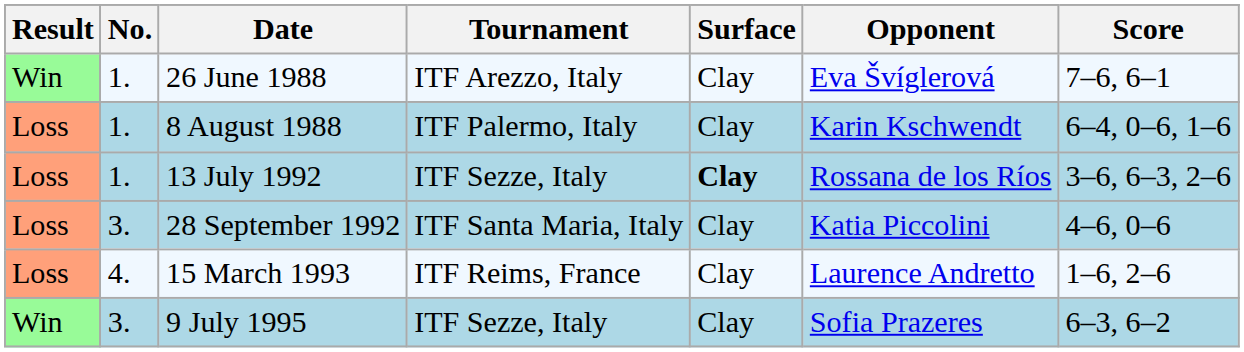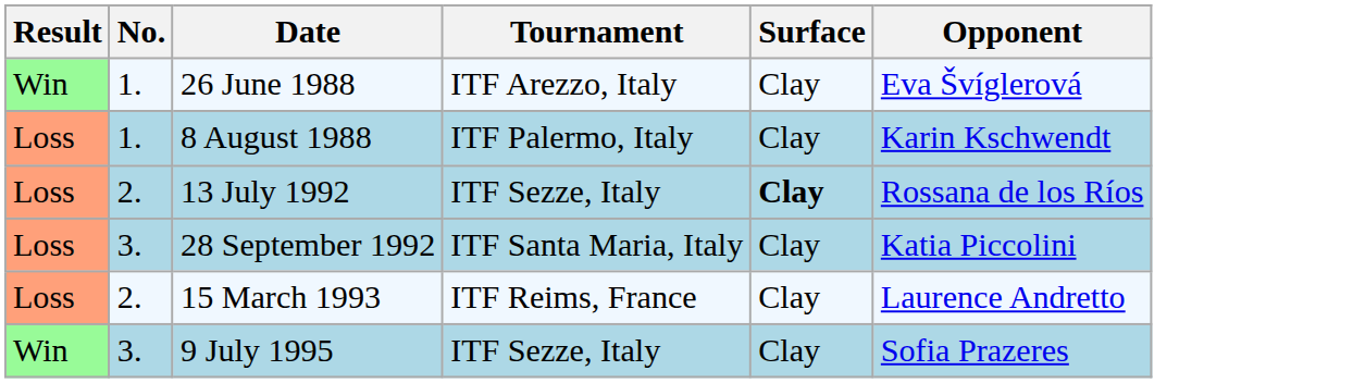 <table class="sortable wikitable" style="font-size:97%;">
 <tr>
 <th>Result</th>
 <th>No.</th>
 <th>Date</th>
 <th>Tournament</th>
 <th>Surface</th>
 <th>Opponent</th>
-<th class="unsortable">Score</th>
 </tr>
 <tr style="background:#f0f8ff;">
 <td style="background:#98fb98;">Win</td>
 <td>1.</td>
 <td>26 June 1988</td>
 <td>ITF Arezzo, Italy</td>
 <td>Clay</td>
 <td> <a href='#'>Eva Švíglerová</a></td>
-<td>7–6, 6–1</td>
 </tr>
 <tr style="background:lightblue;">
 <td style="background:#ffa07a;">Loss</td>
 <td>1.</td>
 <td>8 August 1988</td>
 <td>ITF Palermo, Italy</td>
 <td>Clay</td>
 <td> <a href='#'>Karin Kschwendt</a></td>
-<td>6–4, 0–6, 1–6</td>
 </tr>
 <tr style="background:lightblue;">
 <td style="background:#ffa07a;">Loss</td>
-<td>1.</td>
+<td>2.</td>
 <td>13 July 1992</td>
 <td>ITF Sezze, Italy</td>
 <td><strong>Clay</strong></td>
 <td> <a href='#'>Rossana de los Ríos</a></td>
-<td>3–6, 6–3, 2–6</td>
 </tr>
 <tr style="background:lightblue">
 <td style="background:#ffa07a;">Loss</td>
 <td>3.</td>
 <td>28 September 1992</td>
 <td>ITF Santa Maria, Italy</td>
 <td>Clay</td>
 <td> <a href='#'>Katia Piccolini</a></td>
-<td>4–6, 0–6</td>
 </tr>
 <tr style="background:#f0f8ff;">
 <td style="background:#ffa07a;">Loss</td>
-<td>4.</td>
+<td>2.</td>
 <td>15 March 1993</td>
 <td>ITF Reims, France</td>
 <td>Clay</td>
 <td> <a href='#'>Laurence Andretto</a></td>
-<td>1–6, 2–6</td>
 </tr>
 <tr style="background:lightblue">
 <td style="background:#98fb98;">Win</td>
 <td>3.</td>
 <td>9 July 1995</td>
 <td>ITF Sezze, Italy</td>
 <td>Clay</td>
 <td> <a href='#'>Sofia Prazeres</a></td>
-<td>6–3, 6–2</td>
 </tr>
 </table>
